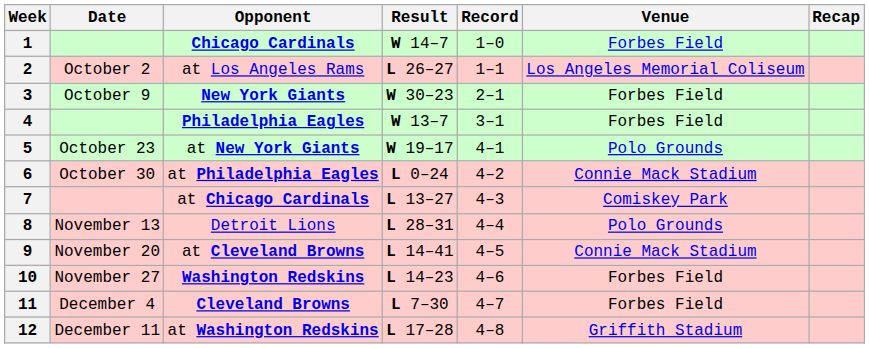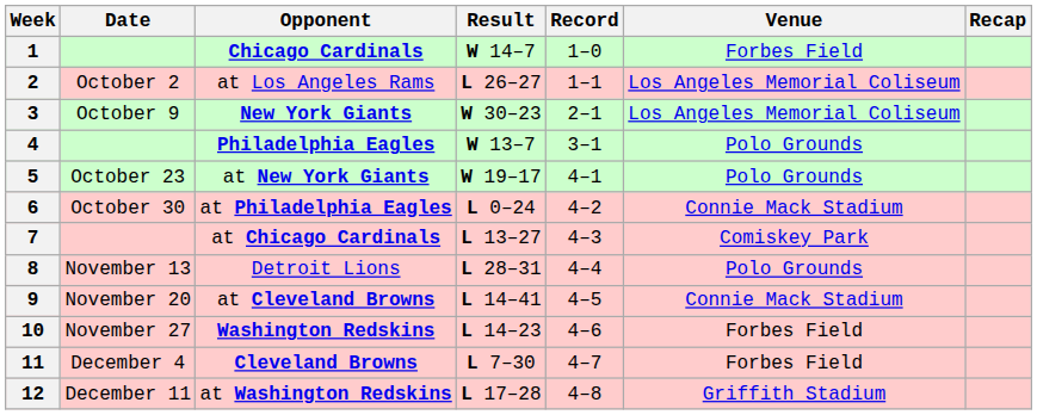 <table class="wikitable" style="text-align:center">
 <tr>
 <th>Week</th>
 <th>Date</th>
 <th>Opponent</th>
 <th>Result</th>
 <th>Record</th>
 <th>Venue</th>
 <th>Recap</th>
 </tr>
 <tr style="background:#cfc">
 <th>1</th>
 <td></td>
 <td><strong><a href='#'>Chicago Cardinals</a></strong></td>
 <td><strong>W</strong> 14–7</td>
 <td>1–0</td>
 <td><a href='#'>Forbes Field</a></td>
 <td></td>
 </tr>
 <tr style="background:#fcc">
 <th>2</th>
 <td>October 2</td>
 <td>at <a href='#'>Los Angeles Rams</a></td>
 <td><strong>L</strong> 26–27</td>
 <td>1–1</td>
 <td><a href='#'>Los Angeles Memorial Coliseum</a></td>
 <td></td>
 </tr>
 <tr style="background:#cfc">
 <th>3</th>
 <td>October 9</td>
 <td><strong><a href='#'>New York Giants</a></strong></td>
 <td><strong>W</strong> 30–23</td>
 <td>2–1</td>
-<td>Forbes Field</td>
+<td><a href='#'>Los Angeles Memorial Coliseum</a></td>
 <td></td>
 </tr>
 <tr style="background:#cfc">
 <th>4</th>
 <td></td>
 <td><strong><a href='#'>Philadelphia Eagles</a></strong></td>
 <td><strong>W</strong> 13–7</td>
 <td>3–1</td>
-<td>Forbes Field</td>
+<td><a href='#'>Polo Grounds</a></td>
 <td></td>
 </tr>
 <tr style="background:#cfc">
 <th>5</th>
 <td>October 23</td>
 <td>at <strong><a href='#'>New York Giants</a></strong></td>
 <td><strong>W</strong> 19–17</td>
 <td>4–1</td>
 <td><a href='#'>Polo Grounds</a></td>
 <td></td>
 </tr>
 <tr style="background:#fcc">
 <th>6</th>
 <td>October 30</td>
 <td>at <strong><a href='#'>Philadelphia Eagles</a></strong></td>
 <td><strong>L</strong> 0–24</td>
 <td>4–2</td>
 <td><a href='#'>Connie Mack Stadium</a></td>
 <td></td>
 </tr>
 <tr style="background:#fcc">
 <th>7</th>
 <td></td>
 <td>at <strong><a href='#'>Chicago Cardinals</a></strong></td>
 <td><strong>L</strong> 13–27</td>
 <td>4–3</td>
 <td><a href='#'>Comiskey Park</a></td>
 <td></td>
 </tr>
 <tr style="background:#fcc">
 <th>8</th>
 <td>November 13</td>
 <td><a href='#'>Detroit Lions</a></td>
 <td><strong>L</strong> 28–31</td>
 <td>4–4</td>
 <td><a href='#'>Polo Grounds</a></td>
 <td></td>
 </tr>
 <tr style="background:#fcc">
 <th>9</th>
 <td>November 20</td>
 <td>at <strong><a href='#'>Cleveland Browns</a></strong></td>
 <td><strong>L</strong> 14–41</td>
 <td>4–5</td>
 <td><a href='#'>Connie Mack Stadium</a></td>
 <td></td>
 </tr>
 <tr style="background:#fcc">
 <th>10</th>
 <td>November 27</td>
 <td><strong><a href='#'>Washington Redskins</a></strong></td>
 <td><strong>L</strong> 14–23</td>
 <td>4–6</td>
 <td>Forbes Field</td>
 <td></td>
 </tr>
 <tr style="background:#fcc">
 <th>11</th>
 <td>December 4</td>
 <td><strong><a href='#'>Cleveland Browns</a></strong></td>
 <td><strong>L</strong> 7–30</td>
 <td>4–7</td>
 <td>Forbes Field</td>
 <td></td>
 </tr>
 <tr style="background:#fcc">
 <th>12</th>
 <td>December 11</td>
 <td>at <strong><a href='#'>Washington Redskins</a></strong></td>
 <td><strong>L</strong> 17–28</td>
 <td>4–8</td>
 <td><a href='#'>Griffith Stadium</a></td>
 <td></td>
 </tr>
 </table>
